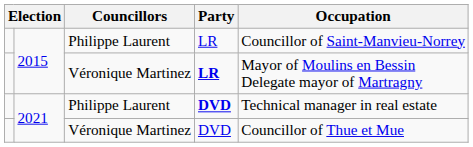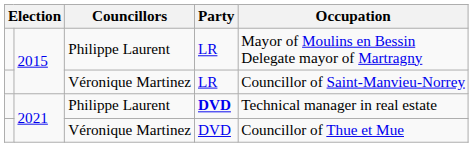 <table class="wikitable">
 <tr>
 <th colspan="2">Election</th>
 <th>Councillors</th>
 <th>Party</th>
 <th>Occupation</th>
 </tr>
 <tr>
 <td style="background-color: "></td>
 <td rowspan="2"><a href='#'>2015</a></td>
 <td>Philippe Laurent</td>
 <td><a href='#'>LR</a></td>
-<td>Councillor of <a href='#'>Saint-Manvieu-Norrey</a></td>
+<td>Mayor of <a href='#'>Moulins en Bessin</a><br>Delegate mayor of <a href='#'>Martragny</a></td>
 </tr>
 <tr>
 <td style="background-color: "></td>
 <td>Véronique Martinez</td>
-<td><strong><a href='#'>LR</a></strong></td>
-<td>Mayor of <a href='#'>Moulins en Bessin</a><br>Delegate mayor of <a href='#'>Martragny</a></td>
+<td><a href='#'>LR</a></td>
+<td>Councillor of <a href='#'>Saint-Manvieu-Norrey</a></td>
 </tr>
 <tr>
 <td style="background-color: "></td>
 <td rowspan="2"><a href='#'>2021</a></td>
 <td>Philippe Laurent</td>
 <td><strong><a href='#'>DVD</a></strong></td>
 <td>Technical manager in real estate</td>
 </tr>
 <tr>
 <td style="background-color: "></td>
 <td>Véronique Martinez</td>
 <td><a href='#'>DVD</a></td>
 <td>Councillor of <a href='#'>Thue et Mue</a></td>
 </tr>
 </table>
